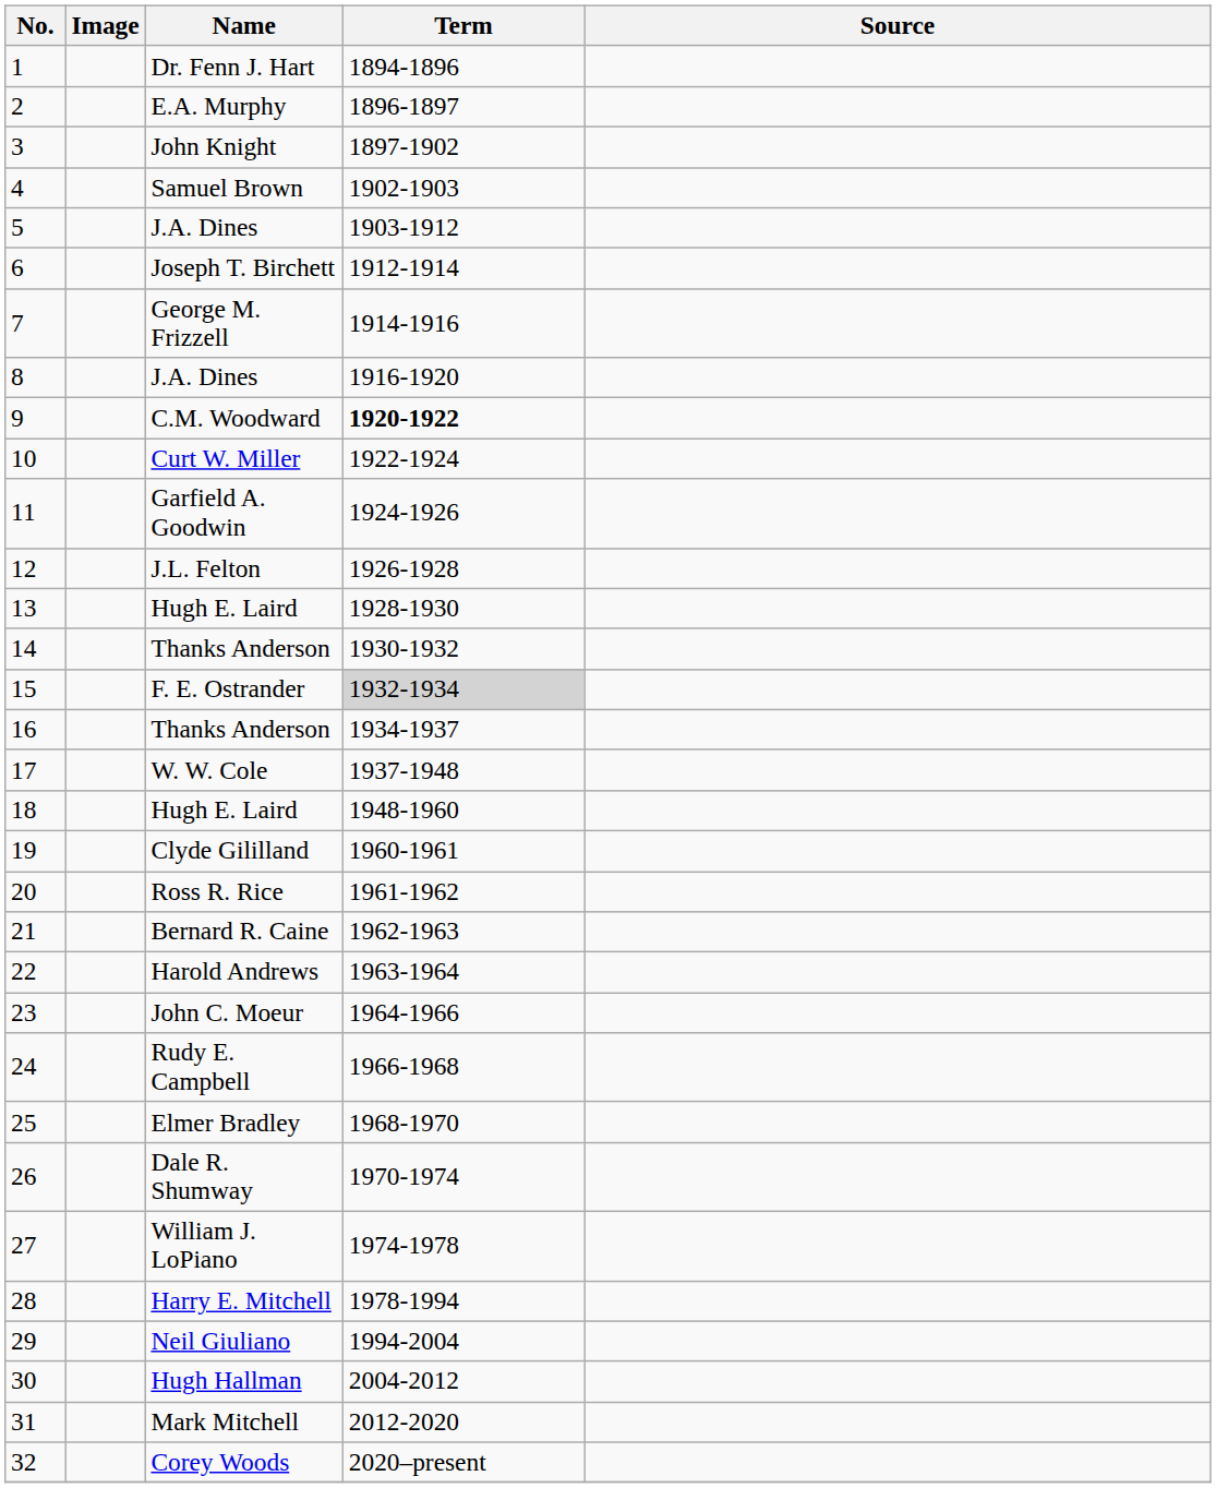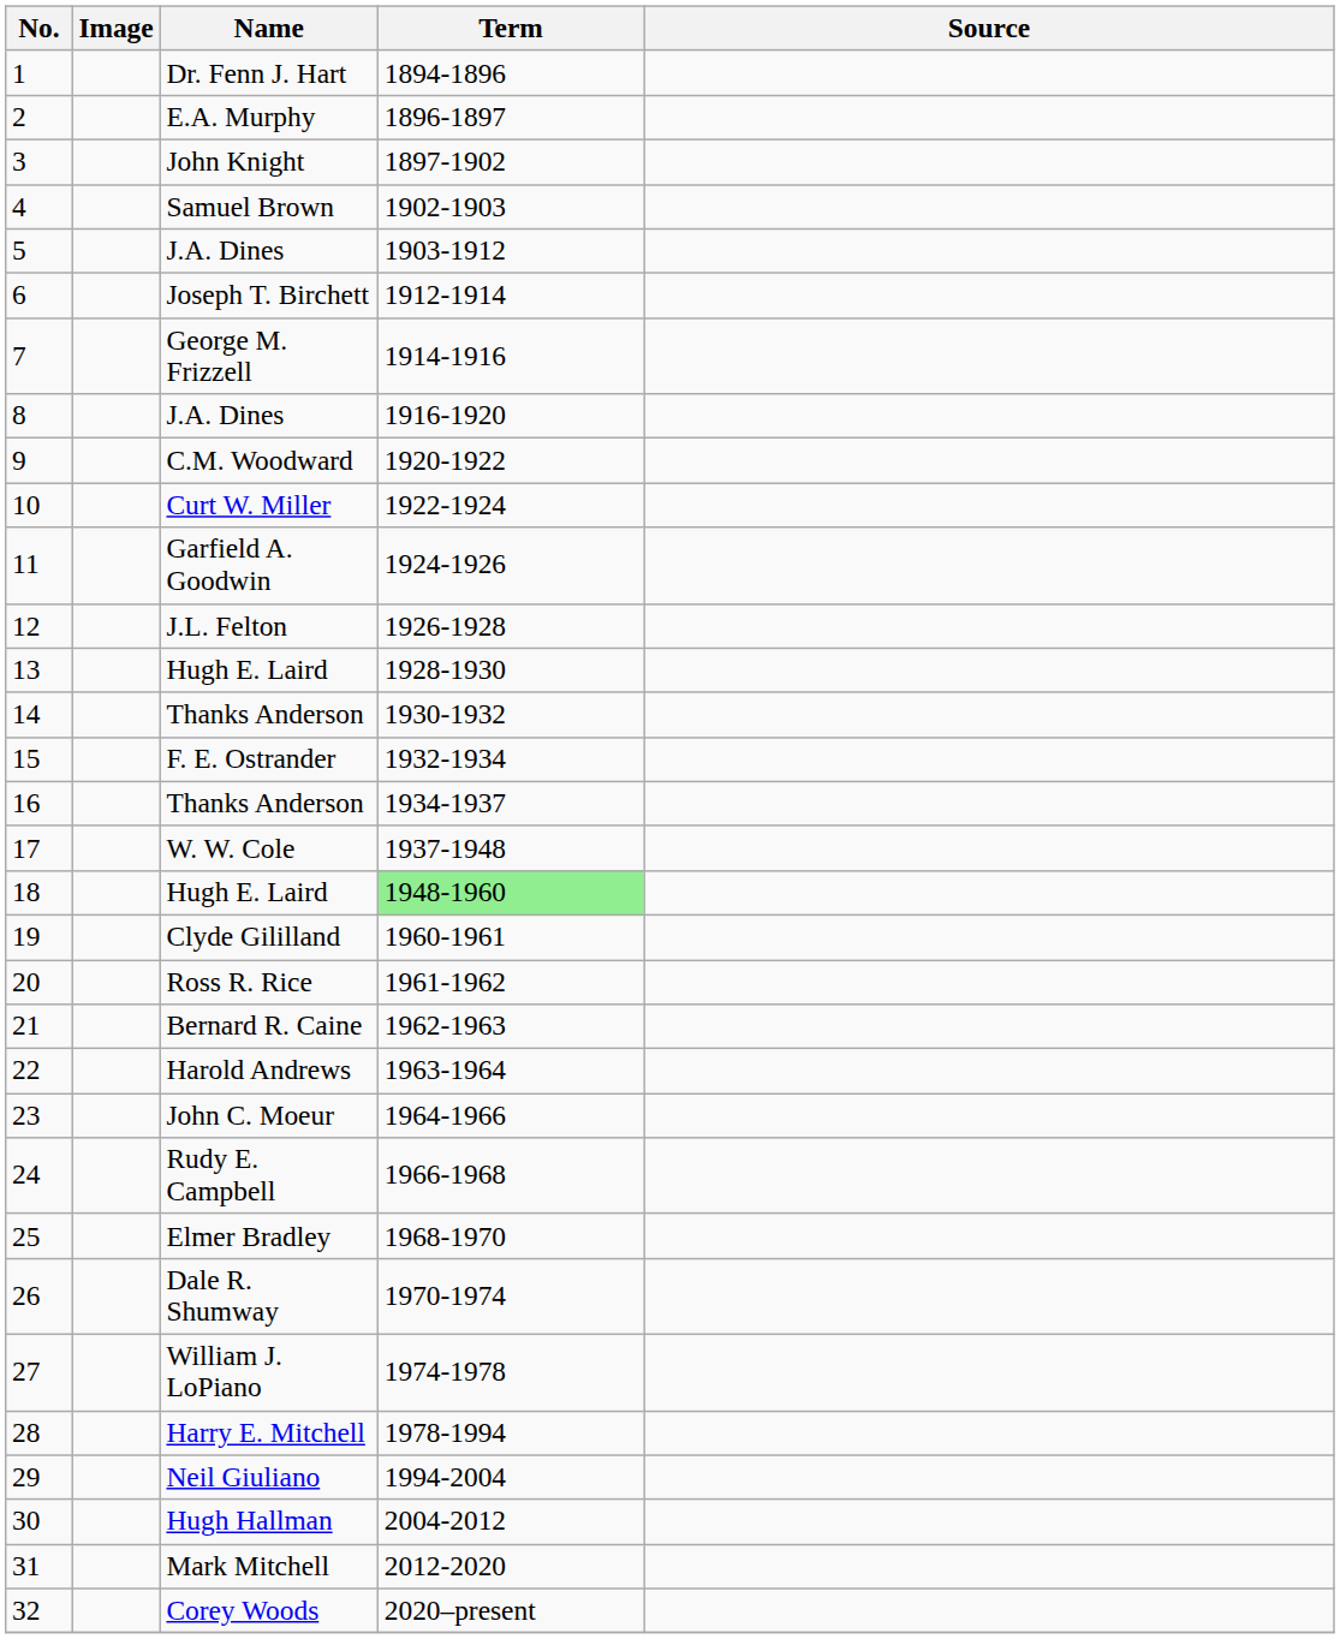 <table class="wikitable" style="float:left; width:60%">
 <tr>
 <th width="5%">No.</th>
 <th style-"width:2%">Image</th>
 <th style-"width:20%">Name</th>
 <th style="width:20%;">Term</th>
 <th style="width:52%">Source</th>
 </tr>
 <tr>
 <td>1</td>
 <td></td>
 <td>Dr. Fenn J. Hart</td>
 <td>1894-1896</td>
 <td></td>
 </tr>
 <tr>
 <td>2</td>
 <td></td>
 <td>E.A. Murphy</td>
 <td>1896-1897</td>
 <td></td>
 </tr>
 <tr>
 <td>3</td>
 <td></td>
 <td>John Knight</td>
 <td>1897-1902</td>
 <td></td>
 </tr>
 <tr>
 <td>4</td>
 <td></td>
 <td>Samuel Brown</td>
 <td>1902-1903</td>
 <td></td>
 </tr>
 <tr>
 <td>5</td>
 <td></td>
 <td>J.A. Dines</td>
 <td>1903-1912</td>
 <td></td>
 </tr>
 <tr>
 <td>6</td>
 <td></td>
 <td>Joseph T. Birchett</td>
 <td>1912-1914</td>
 <td></td>
 </tr>
 <tr>
 <td>7</td>
 <td></td>
 <td>George M. Frizzell</td>
 <td>1914-1916</td>
 <td></td>
 </tr>
 <tr>
 <td>8</td>
 <td></td>
 <td>J.A. Dines</td>
 <td>1916-1920</td>
 <td></td>
 </tr>
 <tr>
 <td>9</td>
 <td></td>
 <td>C.M. Woodward</td>
-<td><strong>1920-1922</strong></td>
+<td>1920-1922</td>
 <td></td>
 </tr>
 <tr>
 <td>10</td>
 <td></td>
 <td><a href='#'>Curt W. Miller</a></td>
 <td>1922-1924</td>
 <td></td>
 </tr>
 <tr>
 <td>11</td>
 <td></td>
 <td>Garfield A. Goodwin</td>
 <td>1924-1926</td>
 <td></td>
 </tr>
 <tr>
 <td>12</td>
 <td></td>
 <td>J.L. Felton</td>
 <td>1926-1928</td>
 <td></td>
 </tr>
 <tr>
 <td>13</td>
 <td></td>
 <td>Hugh E. Laird</td>
 <td>1928-1930</td>
 <td></td>
 </tr>
 <tr>
 <td>14</td>
 <td></td>
 <td>Thanks Anderson</td>
 <td>1930-1932</td>
 <td></td>
 </tr>
 <tr>
 <td>15</td>
 <td></td>
 <td>F. E. Ostrander</td>
-<td style="background: lightgrey;">1932-1934</td>
+<td>1932-1934</td>
 <td></td>
 </tr>
 <tr>
 <td>16</td>
 <td></td>
 <td>Thanks Anderson</td>
 <td>1934-1937</td>
 <td></td>
 </tr>
 <tr>
 <td>17</td>
 <td></td>
 <td>W. W. Cole</td>
 <td>1937-1948</td>
 <td></td>
 </tr>
 <tr>
 <td>18</td>
 <td></td>
 <td>Hugh E. Laird</td>
-<td>1948-1960</td>
+<td style="background: lightgreen;">1948-1960</td>
 <td></td>
 </tr>
 <tr>
 <td>19</td>
 <td></td>
 <td>Clyde Gililland</td>
 <td>1960-1961</td>
 <td></td>
 </tr>
 <tr>
 <td>20</td>
 <td></td>
 <td>Ross R. Rice</td>
 <td>1961-1962</td>
 <td></td>
 </tr>
 <tr>
 <td>21</td>
 <td></td>
 <td>Bernard R. Caine</td>
 <td>1962-1963</td>
 <td></td>
 </tr>
 <tr>
 <td>22</td>
 <td></td>
 <td>Harold Andrews</td>
 <td>1963-1964</td>
 <td></td>
 </tr>
 <tr>
 <td>23</td>
 <td></td>
 <td>John C. Moeur</td>
 <td>1964-1966</td>
 <td></td>
 </tr>
 <tr>
 <td>24</td>
 <td></td>
 <td>Rudy E. Campbell</td>
 <td>1966-1968</td>
 <td></td>
 </tr>
 <tr>
 <td>25</td>
 <td></td>
 <td>Elmer Bradley</td>
 <td>1968-1970</td>
 <td></td>
 </tr>
 <tr>
 <td>26</td>
 <td></td>
 <td>Dale R. Shumway</td>
 <td>1970-1974</td>
 <td></td>
 </tr>
 <tr>
 <td>27</td>
 <td></td>
 <td>William J. LoPiano</td>
 <td>1974-1978</td>
 <td></td>
 </tr>
 <tr>
 <td>28</td>
 <td></td>
 <td><a href='#'>Harry E. Mitchell</a></td>
 <td>1978-1994</td>
 <td></td>
 </tr>
 <tr>
 <td>29</td>
 <td></td>
 <td><a href='#'>Neil Giuliano</a></td>
 <td>1994-2004</td>
 <td></td>
 </tr>
 <tr>
 <td>30</td>
 <td></td>
 <td><a href='#'>Hugh Hallman</a></td>
 <td>2004-2012</td>
 <td></td>
 </tr>
 <tr>
 <td>31</td>
 <td></td>
 <td>Mark Mitchell</td>
 <td>2012-2020</td>
 <td></td>
 </tr>
 <tr>
 <td>32</td>
 <td></td>
 <td><a href='#'>Corey Woods</a></td>
 <td>2020–present</td>
 <td></td>
 </tr>
 <tr>
 </tr>
 </table>
